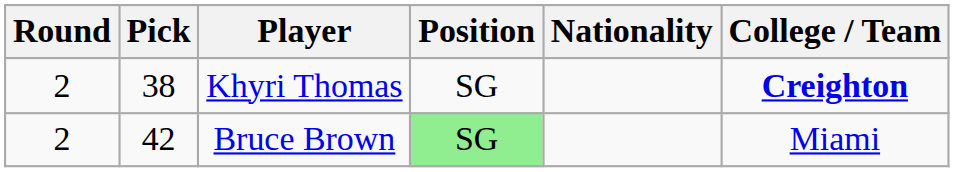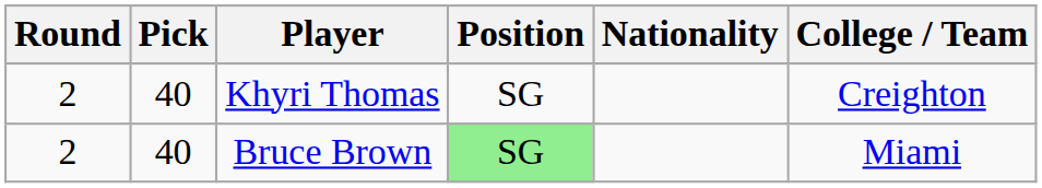 <table class="wikitable sortable sortable">
 <tr>
 <th>Round</th>
 <th>Pick</th>
 <th>Player</th>
 <th>Position</th>
 <th>Nationality</th>
 <th>College / Team</th>
 </tr>
 <tr style="text-align: center">
 <td>2</td>
-<td>38</td>
+<td>40</td>
 <td><a href='#'>Khyri Thomas</a></td>
 <td>SG</td>
 <td></td>
-<td><strong><a href='#'>Creighton</a></strong></td>
+<td><a href='#'>Creighton</a></td>
 </tr>
 <tr style="text-align: center">
 <td>2</td>
-<td>42</td>
+<td>40</td>
 <td><a href='#'>Bruce Brown</a></td>
 <td style="background: lightgreen;">SG</td>
 <td></td>
 <td><a href='#'>Miami</a></td>
 </tr>
 </table>
